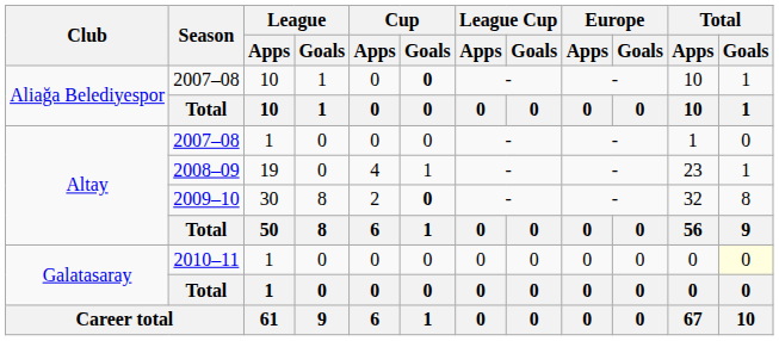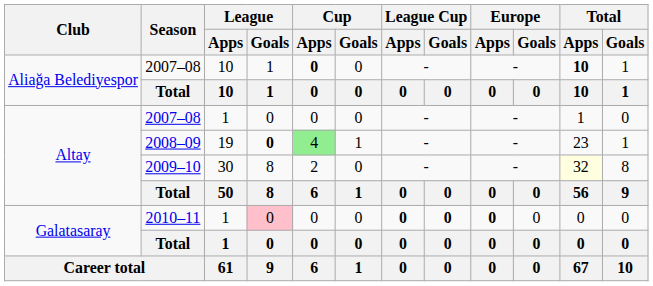 <table class="wikitable" style="text-align: center;">
 <tr>
 <th rowspan="2">Club</th>
 <th rowspan="2">Season</th>
 <th colspan="2">League</th>
 <th colspan="2">Cup</th>
 <th colspan="2">League Cup</th>
 <th colspan="2">Europe</th>
 <th colspan="2">Total</th>
 </tr>
 <tr>
 <th>Apps</th>
 <th>Goals</th>
 <th>Apps</th>
 <th>Goals</th>
 <th>Apps</th>
 <th>Goals</th>
 <th>Apps</th>
 <th>Goals</th>
 <th>Apps</th>
 <th>Goals</th>
 </tr>
 <tr>
 <td rowspan="2" valign="center"><a href='#'>Aliağa Belediyespor</a></td>
 <td>2007–08</td>
 <td>10</td>
 <td>1</td>
+<td><strong>0</strong></td>
 <td>0</td>
-<td><strong>0</strong></td>
 <td colspan="2">-</td>
 <td colspan="2">-</td>
-<td>10</td>
+<td><strong>10</strong></td>
 <td>1</td>
 </tr>
 <tr>
 <th>Total</th>
 <th>10</th>
 <th>1</th>
 <th>0</th>
 <th>0</th>
 <th>0</th>
 <th>0</th>
 <th>0</th>
 <th>0</th>
 <th>10</th>
 <th>1</th>
 </tr>
 <tr>
 <td rowspan="4" valign="center"><a href='#'>Altay</a></td>
 <td><a href='#'>2007–08</a></td>
 <td>1</td>
 <td>0</td>
 <td>0</td>
 <td>0</td>
 <td colspan="2">-</td>
 <td colspan="2">-</td>
 <td>1</td>
 <td>0</td>
 </tr>
 <tr>
 <td><a href='#'>2008–09</a></td>
 <td>19</td>
-<td>0</td>
-<td>4</td>
+<td><strong>0</strong></td>
+<td style="background: lightgreen;">4</td>
 <td>1</td>
 <td colspan="2">-</td>
 <td colspan="2">-</td>
 <td>23</td>
 <td>1</td>
 </tr>
 <tr>
 <td><a href='#'>2009–10</a></td>
 <td>30</td>
 <td>8</td>
 <td>2</td>
-<td><strong>0</strong></td>
+<td>0</td>
 <td colspan="2">-</td>
 <td colspan="2">-</td>
-<td>32</td>
+<td style="background: lightyellow;">32</td>
 <td>8</td>
 </tr>
 <tr>
 <th>Total</th>
 <th>50</th>
 <th>8</th>
 <th>6</th>
 <th>1</th>
 <th>0</th>
 <th>0</th>
 <th>0</th>
 <th>0</th>
 <th>56</th>
 <th>9</th>
 </tr>
 <tr>
 <td rowspan="2" valign="center"><a href='#'>Galatasaray</a></td>
 <td><a href='#'>2010–11</a></td>
 <td>1</td>
+<td style="background: pink;">0</td>
+<td>0</td>
+<td>0</td>
+<td><strong>0</strong></td>
+<td><strong>0</strong></td>
+<td><strong>0</strong></td>
 <td>0</td>
 <td>0</td>
 <td>0</td>
-<td>0</td>
-<td>0</td>
-<td>0</td>
-<td>0</td>
-<td>0</td>
-<td style="background: lightyellow;">0</td>
 </tr>
 <tr>
 <th>Total</th>
 <th>1</th>
 <th>0</th>
 <th>0</th>
 <th>0</th>
 <th>0</th>
 <th>0</th>
 <th>0</th>
 <th>0</th>
 <th>0</th>
 <th>0</th>
 </tr>
 <tr>
 <th colspan="2">Career total</th>
 <th>61</th>
 <th>9</th>
 <th>6</th>
 <th>1</th>
 <th>0</th>
 <th>0</th>
 <th>0</th>
 <th>0</th>
 <th>67</th>
 <th>10</th>
 </tr>
 </table>
